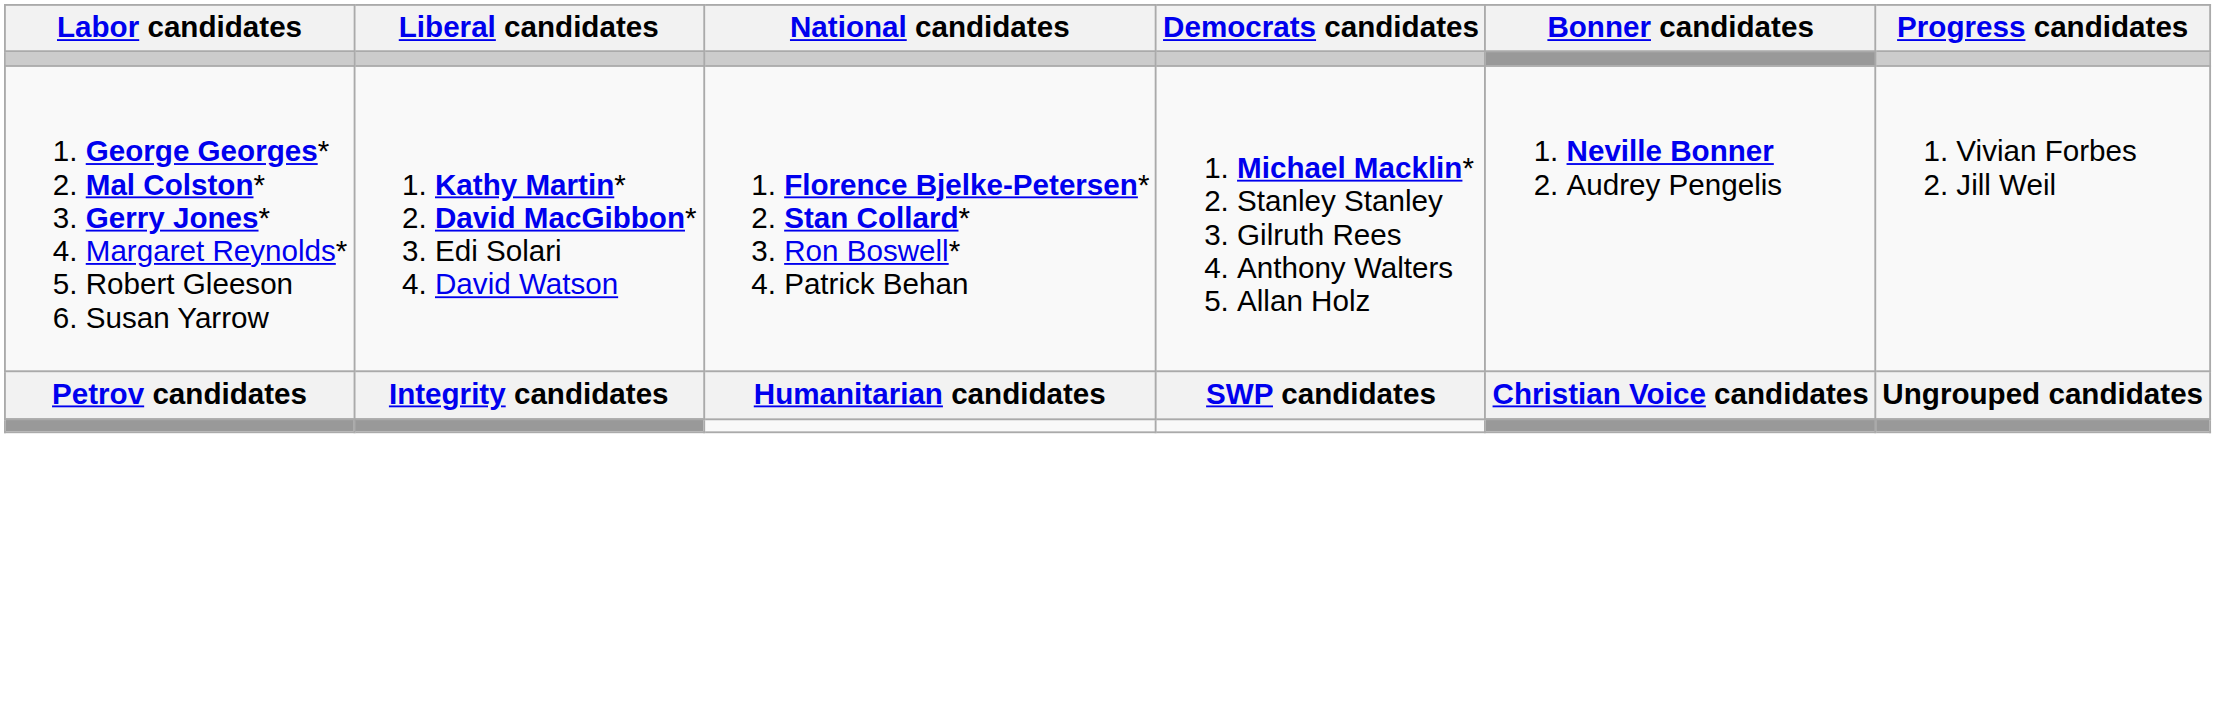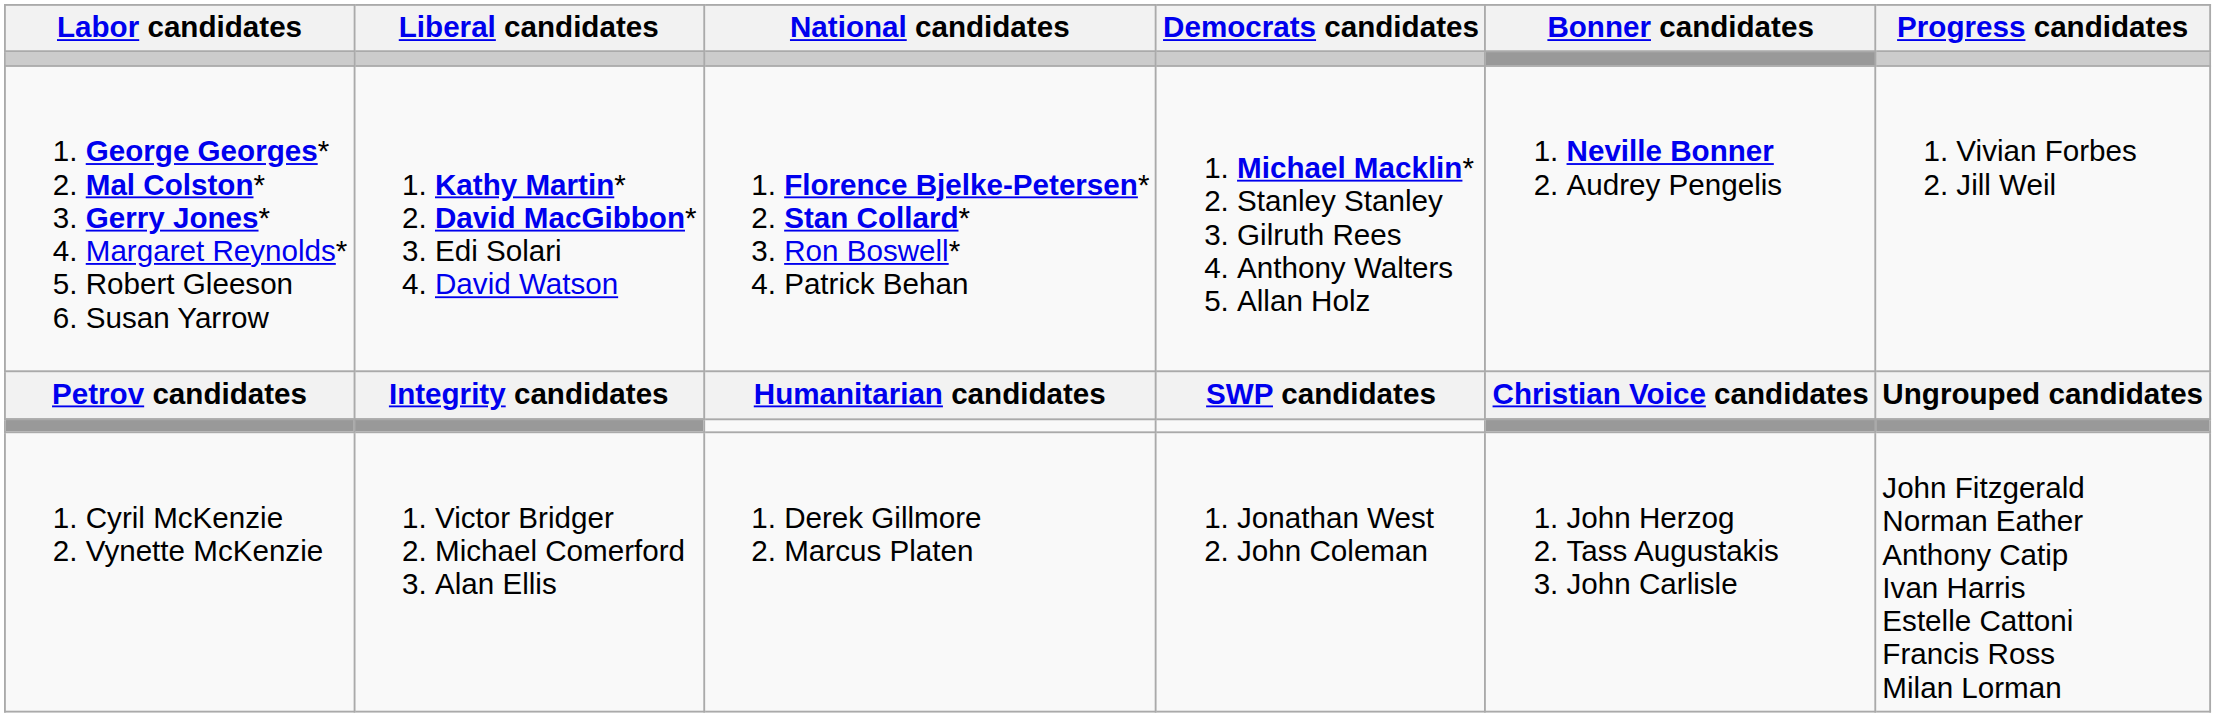 <table class="wikitable">
 <tr>
 <th><a href='#'>Labor</a> candidates</th>
 <th><a href='#'>Liberal</a> candidates</th>
 <th><a href='#'>National</a> candidates</th>
 <th><a href='#'>Democrats</a> candidates</th>
 <th><a href='#'>Bonner</a> candidates</th>
 <th><a href='#'>Progress</a> candidates</th>
 </tr>
 <tr bgcolor="#cccccc">
 <td></td>
 <td></td>
 <td></td>
 <td></td>
 <td bgcolor="#999999"></td>
 <td></td>
 </tr>
 <tr>
 <td><br><ol><li><strong><a href='#'>George Georges</a></strong>*</li><li><strong><a href='#'>Mal Colston</a></strong>*</li><li><strong><a href='#'>Gerry Jones</a></strong>*</li><li><a href='#'>Margaret Reynolds</a>*</li><li>Robert Gleeson</li><li>Susan Yarrow</li></ol></td>
 <td><br><ol><li><strong><a href='#'>Kathy Martin</a></strong>*</li><li><strong><a href='#'>David MacGibbon</a></strong>*</li><li>Edi Solari</li><li><a href='#'>David Watson</a></li></ol></td>
 <td><br><ol><li><strong><a href='#'>Florence Bjelke-Petersen</a></strong>*</li><li><strong><a href='#'>Stan Collard</a></strong>*</li><li><a href='#'>Ron Boswell</a>*</li><li>Patrick Behan</li></ol></td>
 <td><br><ol><li><strong><a href='#'>Michael Macklin</a></strong>*</li><li>Stanley Stanley</li><li>Gilruth Rees</li><li>Anthony Walters</li><li>Allan Holz</li></ol></td>
 <td valign=top><br><ol><li><strong><a href='#'>Neville Bonner</a></strong></li><li>Audrey Pengelis</li></ol></td>
 <td valign=top><br><ol><li>Vivian Forbes</li><li>Jill Weil</li></ol></td>
 </tr>
 <tr bgcolor="#cccccc">
 <th><a href='#'>Petrov</a> candidates</th>
 <th><a href='#'>Integrity</a> candidates</th>
 <th><a href='#'>Humanitarian</a> candidates</th>
 <th><a href='#'>SWP</a> candidates</th>
 <th><a href='#'>Christian Voice</a> candidates</th>
 <th>Ungrouped candidates</th>
 </tr>
 <tr>
 <td bgcolor="#999999"></td>
 <td bgcolor="#999999"></td>
 <td></td>
 <td></td>
 <td bgcolor="#999999"></td>
 <td bgcolor="#999999"></td>
 </tr>
+<tr>
+<td valign=top><br><ol><li>Cyril McKenzie</li><li>Vynette McKenzie</li></ol></td>
+<td valign=top><br><ol><li>Victor Bridger</li><li>Michael Comerford</li><li>Alan Ellis</li></ol></td>
+<td valign=top><br><ol><li>Derek Gillmore</li><li>Marcus Platen</li></ol></td>
+<td valign=top><br><ol><li>Jonathan West</li><li>John Coleman</li></ol></td>
+<td valign=top><br><ol><li>John Herzog</li><li>Tass Augustakis</li><li>John Carlisle</li></ol></td>
+<td valign=top><br>John Fitzgerald<br> Norman Eather<br> Anthony Catip<br> Ivan Harris<br> Estelle Cattoni<br> Francis Ross<br> Milan Lorman</td>
+</tr>
 </table>
